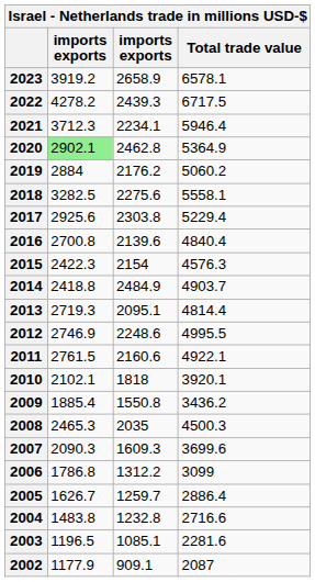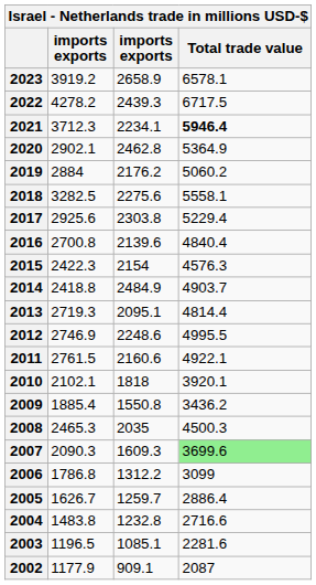 <table class="wikitable mw-collapsible mw-collapsed">
 <tr>
 <th colspan="4">Israel - Netherlands trade in millions USD-$</th>
 </tr>
 <tr>
 <th></th>
 <th> imports<br> exports</th>
 <th> imports<br> exports</th>
 <th>Total trade value</th>
 </tr>
 <tr>
 <th>2023</th>
 <td>3919.2</td>
 <td>2658.9</td>
 <td>6578.1</td>
 </tr>
 <tr>
 <th>2022</th>
 <td>4278.2</td>
 <td>2439.3</td>
 <td>6717.5</td>
 </tr>
 <tr>
 <th>2021</th>
 <td>3712.3</td>
 <td>2234.1</td>
-<td>5946.4</td>
+<td><strong>5946.4</strong></td>
 </tr>
 <tr>
 <th>2020</th>
-<td style="background: lightgreen;">2902.1</td>
+<td>2902.1</td>
 <td>2462.8</td>
 <td>5364.9</td>
 </tr>
 <tr>
 <th>2019</th>
 <td>2884</td>
 <td>2176.2</td>
 <td>5060.2</td>
 </tr>
 <tr>
 <th>2018</th>
 <td>3282.5</td>
 <td>2275.6</td>
 <td>5558.1</td>
 </tr>
 <tr>
 <th>2017</th>
 <td>2925.6</td>
 <td>2303.8</td>
 <td>5229.4</td>
 </tr>
 <tr>
 <th>2016</th>
 <td>2700.8</td>
 <td>2139.6</td>
 <td>4840.4</td>
 </tr>
 <tr>
 <th>2015</th>
 <td>2422.3</td>
 <td>2154</td>
 <td>4576.3</td>
 </tr>
 <tr>
 <th>2014</th>
 <td>2418.8</td>
 <td>2484.9</td>
 <td>4903.7</td>
 </tr>
 <tr>
 <th>2013</th>
 <td>2719.3</td>
 <td>2095.1</td>
 <td>4814.4</td>
 </tr>
 <tr>
 <th>2012</th>
 <td>2746.9</td>
 <td>2248.6</td>
 <td>4995.5</td>
 </tr>
 <tr>
 <th>2011</th>
 <td>2761.5</td>
 <td>2160.6</td>
 <td>4922.1</td>
 </tr>
 <tr>
 <th>2010</th>
 <td>2102.1</td>
 <td>1818</td>
 <td>3920.1</td>
 </tr>
 <tr>
 <th>2009</th>
 <td>1885.4</td>
 <td>1550.8</td>
 <td>3436.2</td>
 </tr>
 <tr>
 <th>2008</th>
 <td>2465.3</td>
 <td>2035</td>
 <td>4500.3</td>
 </tr>
 <tr>
 <th>2007</th>
 <td>2090.3</td>
 <td>1609.3</td>
-<td>3699.6</td>
+<td style="background: lightgreen;">3699.6</td>
 </tr>
 <tr>
 <th>2006</th>
 <td>1786.8</td>
 <td>1312.2</td>
 <td>3099</td>
 </tr>
 <tr>
 <th>2005</th>
 <td>1626.7</td>
 <td>1259.7</td>
 <td>2886.4</td>
 </tr>
 <tr>
 <th>2004</th>
 <td>1483.8</td>
 <td>1232.8</td>
 <td>2716.6</td>
 </tr>
 <tr>
 <th>2003</th>
 <td>1196.5</td>
 <td>1085.1</td>
 <td>2281.6</td>
 </tr>
 <tr>
 <th>2002</th>
 <td>1177.9</td>
 <td>909.1</td>
 <td>2087</td>
 </tr>
 </table>
